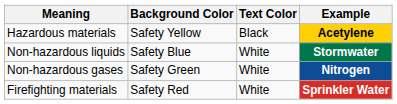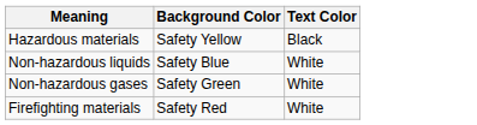 <table class="wikitable" style="display: inline-table;">
 <tr>
 <th>Meaning</th>
 <th>Background Color</th>
 <th>Text Color</th>
-<th>Example</th>
 </tr>
 <tr>
 <td>Hazardous materials</td>
 <td>Safety Yellow</td>
 <td>Black</td>
-<td style="background:#FED005;color:black;text-align:center;"><strong>Acetylene</strong></td>
 </tr>
 <tr>
 <td>Non-hazardous liquids</td>
 <td>Safety Blue</td>
 <td>White</td>
-<td style="background:#007749;color:white;text-align:center;"><strong>Stormwater</strong></td>
 </tr>
 <tr>
 <td>Non-hazardous gases</td>
 <td>Safety Green</td>
 <td>White</td>
-<td style="background:#0C4D96;color:white;text-align:center;"><strong>Nitrogen</strong></td>
 </tr>
 <tr>
 <td>Firefighting materials</td>
 <td>Safety Red</td>
 <td>White</td>
-<td style="background:#D92C26;color:white;text-align:center;"><strong>Sprinkler Water</strong></td>
 </tr>
 </table>
